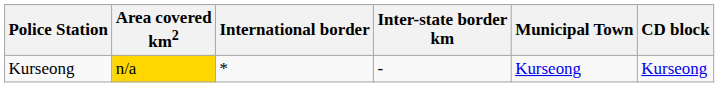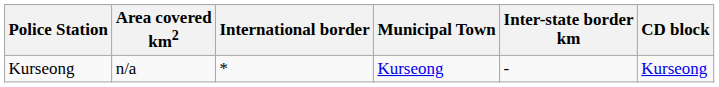 <table class="wikitable sortable">
 <tr>
 <th>Police Station</th>
 <th>Area covered<br>km<sup>2</sup></th>
 <th>International border</th>
+<th>Municipal Town</th>
 <th>Inter-state border<br>km</th>
-<th>Municipal Town</th>
 <th>CD block</th>
 </tr>
 <tr>
 <td>Kurseong</td>
-<td style="background: gold;">n/a</td>
+<td>n/a</td>
 <td>*</td>
+<td><a href='#'>Kurseong</a></td>
 <td>-</td>
-<td><a href='#'>Kurseong</a></td>
 <td><a href='#'>Kurseong</a></td>
 </tr>
 </table>
